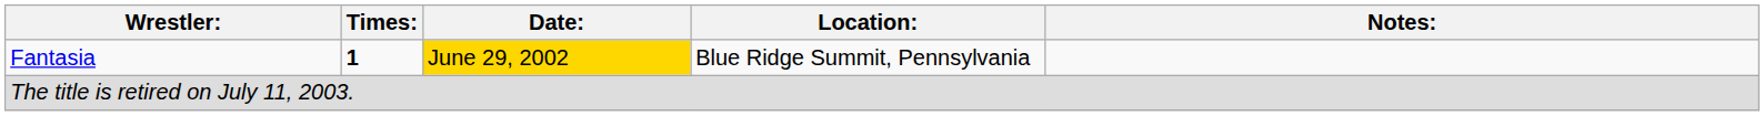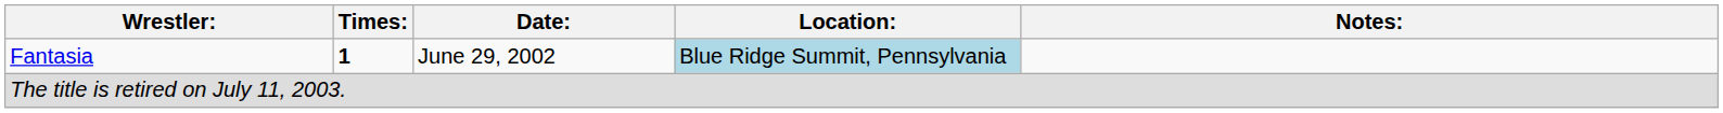 <table class="wikitable" width=100%>
 <tr>
 <th width=20%>Wrestler:</th>
 <th width=0%>Times:</th>
 <th width=16%>Date:</th>
 <th width=21%>Location:</th>
 <th width=43%>Notes:</th>
 </tr>
 <tr>
 <td><a href='#'>Fantasia</a></td>
 <td><strong>1</strong></td>
-<td style="background: gold;">June 29, 2002</td>
-<td>Blue Ridge Summit, Pennsylvania</td>
+<td>June 29, 2002</td>
+<td style="background: lightblue;">Blue Ridge Summit, Pennsylvania</td>
 <td></td>
 </tr>
 <tr>
 <td style="background: #dddddd;" colspan=5><em>The title is retired on July 11, 2003.</em></td>
 </tr>
 <tr>
 </tr>
 </table>
